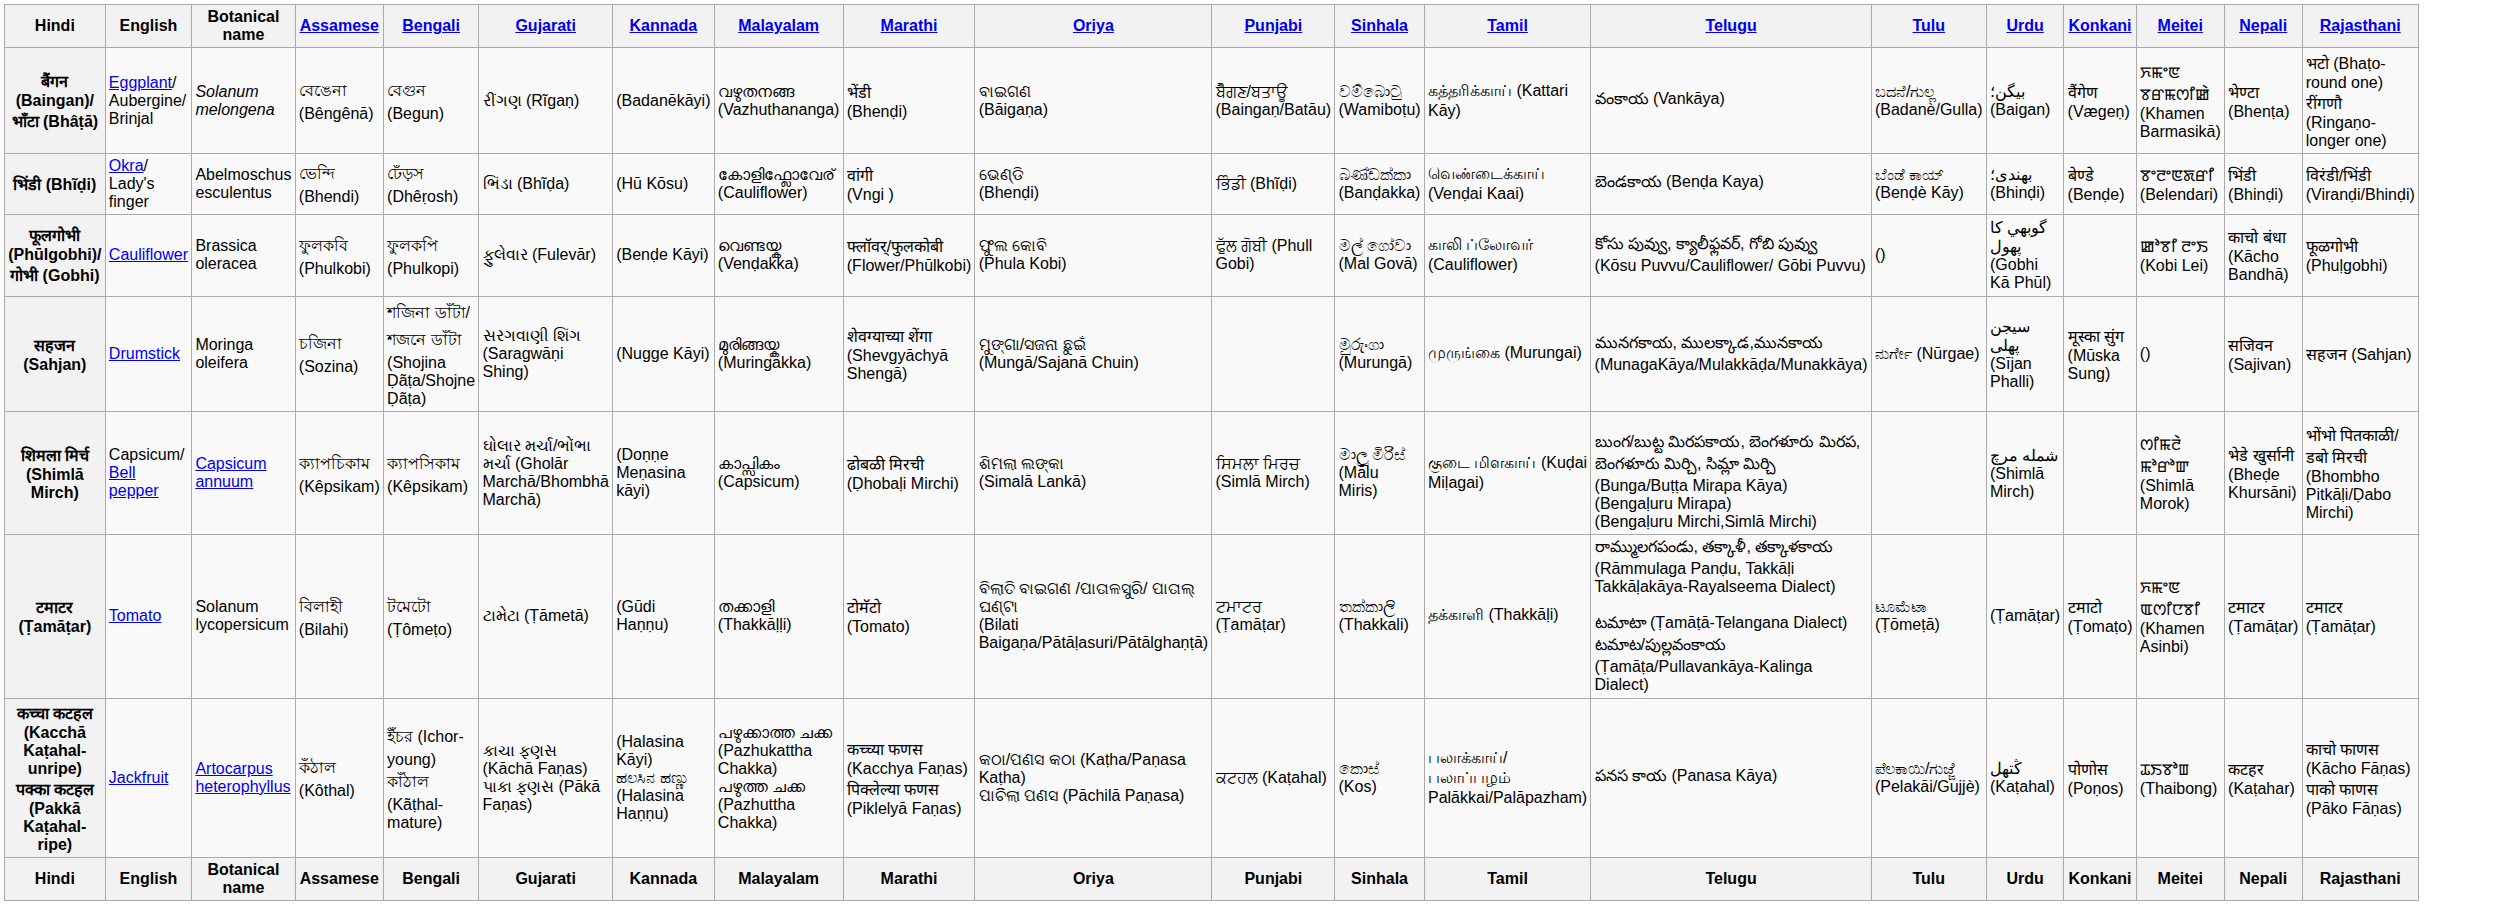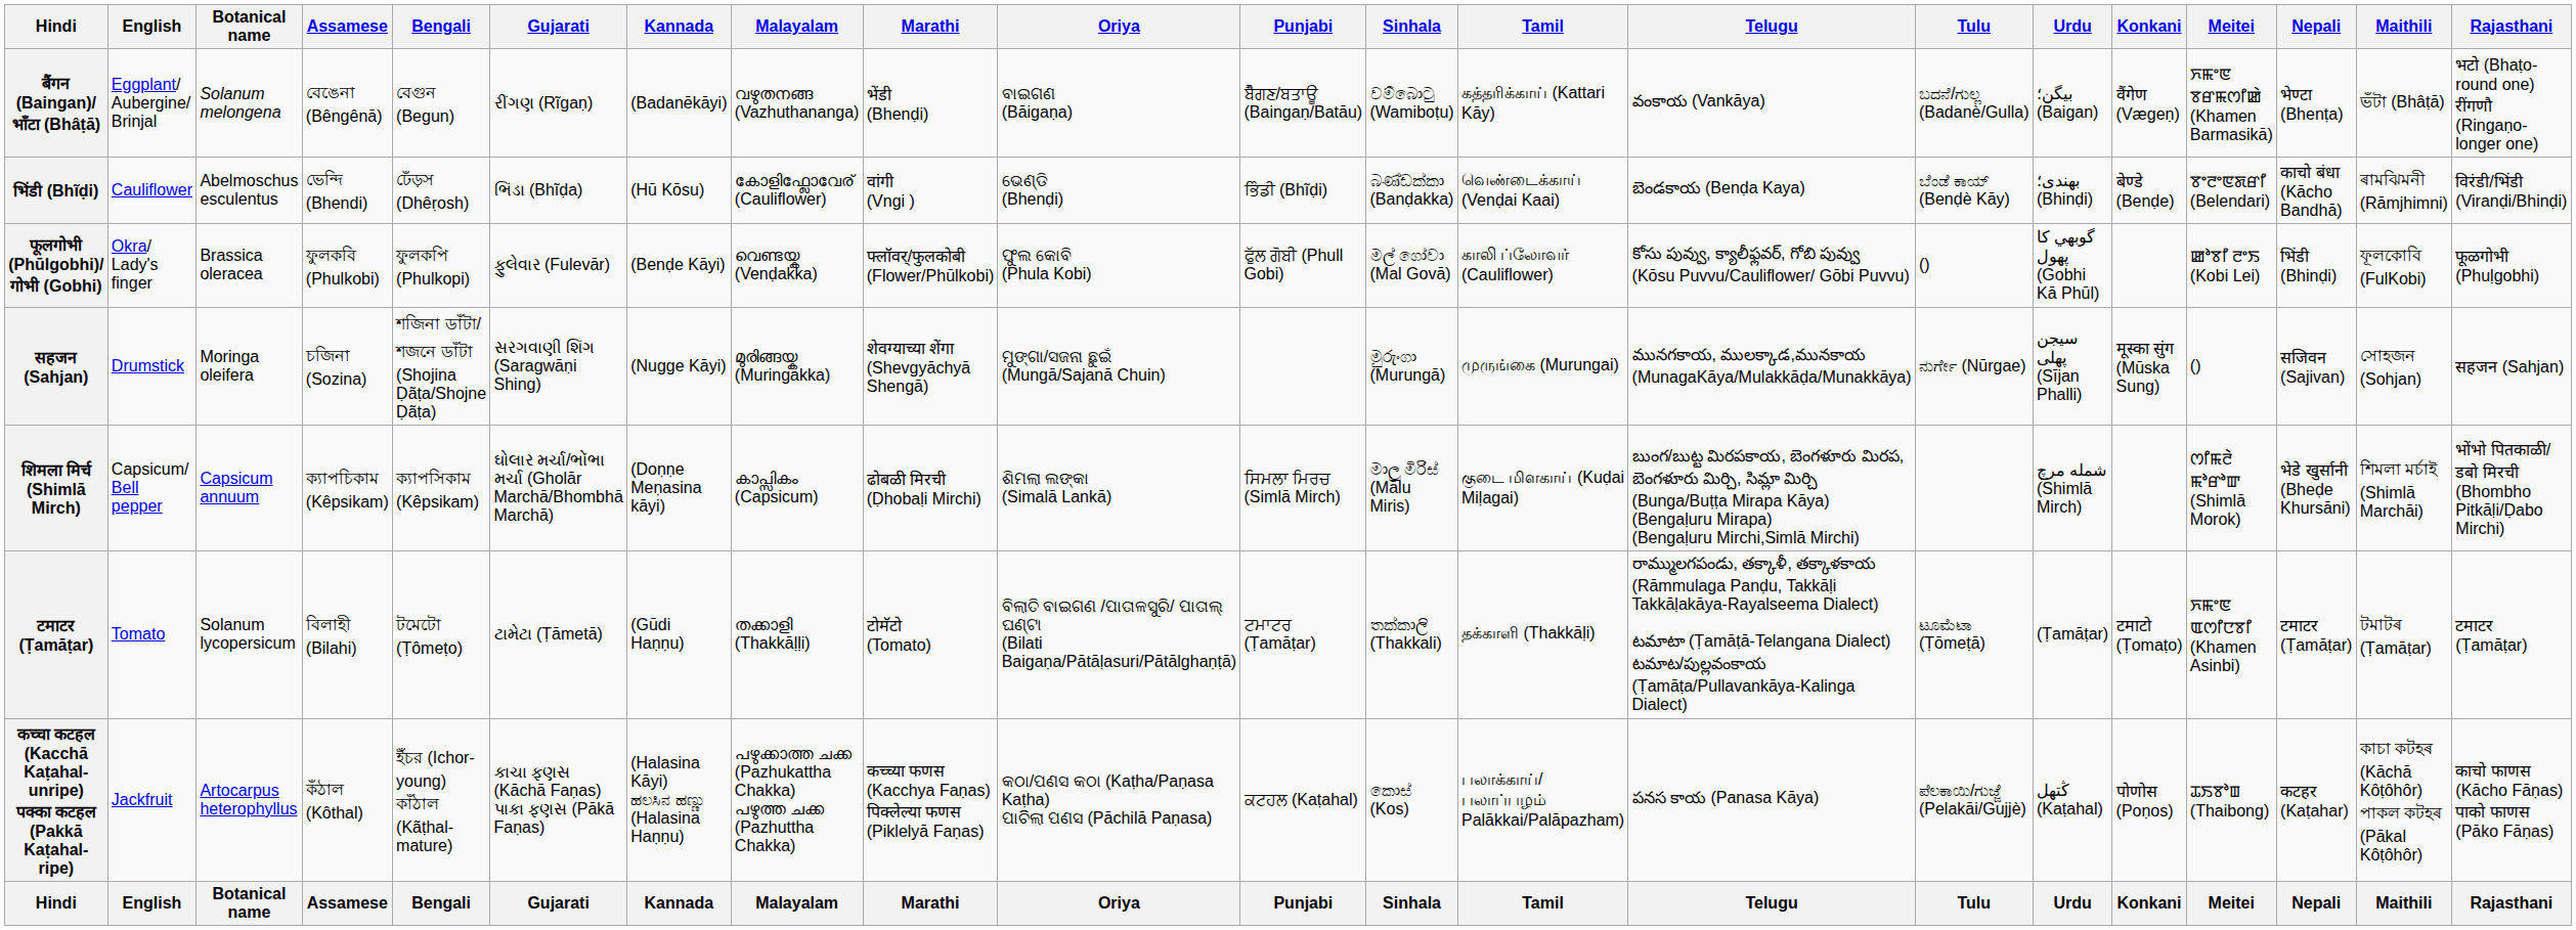 <table class="wikitable sortable">
 <tr>
 <th>Hindi</th>
 <th>English</th>
 <th>Botanical name</th>
 <th><a href='#'>Assamese</a></th>
 <th><a href='#'>Bengali</a></th>
 <th><a href='#'>Gujarati</a></th>
 <th><a href='#'>Kannada</a></th>
 <th><a href='#'>Malayalam</a></th>
 <th><a href='#'>Marathi</a></th>
 <th><a href='#'>Oriya</a></th>
 <th><a href='#'>Punjabi</a></th>
 <th><a href='#'>Sinhala</a></th>
 <th><a href='#'>Tamil</a></th>
 <th><a href='#'>Telugu</a></th>
 <th><a href='#'>Tulu</a></th>
 <th><a href='#'>Urdu</a></th>
 <th><a href='#'>Konkani</a></th>
 <th><a href='#'>Meitei</a></th>
 <th><a href='#'>Nepali</a></th>
+<th><a href='#'>Maithili</a></th>
 <th><a href='#'>Rajasthani</a></th>
 </tr>
 <tr>
 <th>बैंगन (Baingan)/<br>भाँटा (Bhâṭā)</th>
 <td><a href='#'>Eggplant</a>/ Aubergine/ Brinjal</td>
 <td><em>Solanum melongena</em></td>
 <td>বেঙেনা<br>(Bêngênā)</td>
 <td>বেগুন<br>(Begun)</td>
 <td>રીંગણ (Rĩgaṇ)</td>
 <td> (Badanēkāyi)</td>
 <td>വഴുതനങ്ങ (Vazhuthananga)</td>
 <td>भेंडी<br>(Bhenḍi)</td>
 <td>ବାଇଗଣ<br>(Bāigaṇa)</td>
 <td>ਬੈੰਗਣ/ਬਤਾਊ (Baingaṇ/Batāu)</td>
 <td>වම්බොටු (Wamiboṭu)</td>
 <td>கத்தரிக்காய் (Kattari Kāy)</td>
 <td>వంకాయ (Vankāya)</td>
 <td>ಬದನೆ/ಗುಲ್ಲ (Badanè/Gulla)</td>
 <td>بيگن؛ (Baigan)</td>
 <td>वैंगेण (Vægeṇ)</td>
 <td>ꯈꯃꯦꯟ ꯕꯔꯃꯁꯤꯀꯥ (Khamen Barmasikā)</td>
 <td>भेण्टा (Bhenṭa)</td>
+<td>ভঁটা (Bhâṭā)</td>
 <td>भटो (Bhaṭo-round one)<br>रींगणौ (Ringaṇo- longer one)</td>
 </tr>
 <tr>
 <th>भिंडी (Bhĩḍi)</th>
-<td><a href='#'>Okra</a>/ Lady's finger</td>
+<td><a href='#'>Cauliflower</a></td>
 <td>Abelmoschus esculentus</td>
 <td>ভেন্দি<br>(Bhendi)</td>
 <td>ঢেঁড়স<br>(Dhêṛosh)</td>
 <td>ભિંડા (Bhĩḍa)</td>
 <td> (Hū Kōsu)</td>
 <td>കോളിഫ്ലോവേര് (Cauliflower)</td>
 <td>वांगी<br>(Vngi )</td>
 <td>ଭେଣ୍ଡି<br>(Bhenḍi)</td>
 <td>ਭਿੰਡੀ (Bhĩḍi)</td>
 <td>බණ්ඩක්කා (Banḍakka)</td>
 <td>வெண்டைக்காய் (Venḍai Kaai)</td>
 <td>బెండకాయ (Benḍa Kaya)</td>
 <td>ಬೆಂಡೆ ಕಾಯ್ (Benḍè Kāy)</td>
 <td>بهندى؛ (Bhinḍi)</td>
 <td>बेण्डे (Benḍe)</td>
 <td>ꯕꯦꯂꯦꯟꯗꯔꯤ (Belendari)</td>
-<td>भिंडी (Bhinḍi)</td>
+<td>काचो बंधा (Kācho Bandhā)</td>
+<td>ৰামঝিমনী (Rāmjhimni)</td>
 <td>विरंडी/भिंडी (Viranḍi/Bhinḍi)</td>
 </tr>
 <tr>
 <th>फूलगोभी (Phūlgobhi)/<br>गोभी (Gobhi)</th>
-<td><a href='#'>Cauliflower</a></td>
+<td><a href='#'>Okra</a>/ Lady's finger</td>
 <td>Brassica oleracea</td>
 <td>ফুলকবি<br>(Phulkobi)</td>
 <td>ফুলকপি<br>(Phulkopi)</td>
 <td>ફુલેવાર (Fulevār)</td>
 <td> (Benḍe Kāyi)</td>
 <td>വെണ്ടയ്ക (Venḍakka)</td>
 <td>फ्लॉवर्/फुलकोबी<br>(Flower/Phūlkobi)</td>
 <td>ଫୁଲ କୋବି<br>(Phula Kobi)</td>
 <td>ਫੁੱਲ ਗੋਬੀ (Phull Gobi)</td>
 <td>මල් ගෝවා (Mal Govā)</td>
 <td>காலி ப்லோவர் (Cauliflower)</td>
 <td>కోసు పువ్వు, క్యాలీఫ్లవర్, గోబి పువ్వు<br>(Kōsu Puvvu/Cauliflower/ Gōbi Puvvu)</td>
 <td>()</td>
 <td>گوبهي كا پهول (Gobhi Kā Phūl)</td>
 <td></td>
 <td>ꯀꯣꯕꯤ ꯂꯦꯏ (Kobi Lei)</td>
-<td>काचो बंधा (Kācho Bandhā)</td>
+<td>भिंडी (Bhinḍi)</td>
+<td>ফূলকোবি (FulKobi)</td>
 <td>फूळगोभी (Phuḷgobhi)</td>
 </tr>
 <tr>
 <th>सहजन (Sahjan)</th>
 <td><a href='#'>Drumstick</a></td>
 <td>Moringa oleifera</td>
 <td>চজিনা<br>(Sozina)</td>
 <td>শজিনা ডাঁটা/ শজনে ডাঁটা<br>(Shojina Ḍãṭa/Shojne Ḍãṭa)</td>
 <td>સરગવાણી શિંગ (Saragwāṇi Shing)</td>
 <td> (Nugge Kāyi)</td>
 <td>മുരിങ്ങയ്ക (Muringakka)</td>
 <td>शेवग्याच्या शेंगा<br>(Shevgyāchyā Shengā)</td>
 <td>ମୁଙ୍ଗା/ସଜନା ଛୁଇଁ<br>(Mungā/Sajanā Chuin)</td>
 <td></td>
 <td>මුරුංගා (Murungā)</td>
 <td>முருங்கை (Murungai)</td>
 <td>మునగకాయ, ములక్కాడ,మునకాయ (MunagaKāya/Mulakkāḍa/Munakkāya)</td>
 <td>ನುರ್ಗೇ (Nūrgae)</td>
 <td>سيجن پهلى (Sījan Phalli)</td>
 <td>मूस्का सुंग (Mūska Sung)</td>
 <td>()</td>
 <td>सजिवन (Sajivan)</td>
+<td>সোহজন (Sohjan)</td>
 <td>सहजन (Sahjan)</td>
 </tr>
 <tr>
 <th>शिमला मिर्च (Shimlā Mirch)</th>
 <td>Capsicum/ <a href='#'>Bell pepper</a></td>
 <td><a href='#'>Capsicum annuum</a></td>
 <td>ক্যাপচিকাম<br>(Kêpsikam)</td>
 <td>ক্যাপসিকাম<br>(Kêpsikam)</td>
 <td>ઘોલાર મર્ચા/ભોંભા મર્ચા (Gholār Marchā/Bhombhā Marchā)</td>
 <td> (Doṇṇe Meṇasina kāyi)</td>
 <td>കാപ്സികം (Capsicum)</td>
 <td>ढोबळी मिरची<br>(Ḍhobaḷi Mirchi)</td>
 <td>ଶିମଲା ଲଙ୍କା<br>(Simalā Lankā)</td>
 <td>ਸਿਮਲਾ ਮਿਰਚ (Simlā Mirch)</td>
 <td>මාලු  මිරිස් (Mālu Miris)</td>
 <td>குடை மிளகாய் (Kuḍai Miḷagai)</td>
 <td><br>బుంగ/బుట్ట మిరపకాయ, బెంగళూరు మిరప, బెంగళూరు మిర్చి, సిమ్లా మిర్చి (Bunga/Buṭṭa Mirapa Kāya)<br>(Bengaḷuru Mirapa)<br>(Bengaḷuru Mirchi,Simlā Mirchi)</td>
 <td></td>
 <td>شمله مرچ  (Shimlā Mirch)</td>
 <td></td>
 <td>ꯁꯤꯃꯂꯥ ꯃꯣꯔꯣꯛ (Shimlā Morok)</td>
 <td>भेडे खुर्सानी (Bheḍe Khursāni)</td>
+<td>শিমলা মৰ্চাই (Shimlā Marchāi)</td>
 <td>भोंभो पितकाळी/डबो मिरची (Bhombho Pitkāḷi/Ḍabo Mirchi)</td>
 </tr>
 <tr>
 <th>टमाटर (Ṭamāṭar)</th>
 <td><a href='#'>Tomato</a></td>
 <td>Solanum lycopersicum</td>
 <td>বিলাহী<br>(Bilahi)</td>
 <td>টমেটো<br>(Ṭômeṭo)</td>
 <td>ટામેટા (Ṭāmetā)</td>
 <td> (Gūdi Haṇṇu)</td>
 <td>തക്കാളി (Thakkāḷḷi)</td>
 <td>टोमॅटो<br>(Tomato)</td>
 <td>ବିଲାତି ବାଇଗଣ /ପାତାଳସୁରି/ ପାତାଲ୍ ଘଣ୍ଟା<br>(Bilati Baigaṇa/Pātāḷasuri/Pātālghaṇṭā)</td>
 <td>ਟਮਾਟਰ (Ṭamāṭar)</td>
 <td>තක්කාලි (Thakkali)</td>
 <td>தக்காளி (Thakkāḷi)</td>
 <td>రామ్ములగపండు, తక్కాళీ, తక్కాళకాయ (Rāmmulaga Panḍu, Takkāḷi Takkāḷakāya-Rayalseema Dialect)<br><br>టమాటా (Ṭamāṭā-Telangana Dialect)<br>టమాట/పుల్లవంకాయ (Ṭamāṭa/Pullavankāya-Kalinga Dialect)</td>
 <td>ಟೂಮೆಟಾ (Ṭōmeṭā)</td>
 <td>(Ṭamāṭar)</td>
 <td>टमाटो (Ṭomaṭo)</td>
 <td>ꯈꯃꯦꯟ ꯑꯁꯤꯅꯕꯤ (Khamen Asinbi)</td>
 <td>टमाटर (Ṭamāṭar)</td>
+<td>টমাটৰ (Ṭamāṭar)</td>
 <td>टमाटर (Ṭamāṭar)</td>
 </tr>
 <tr>
 <th>कच्चा कटहल (Kacchā Kaṭahal-unripe)<br>पक्का कटहल (Pakkā Kaṭahal-ripe)</th>
 <td><a href='#'>Jackfruit</a></td>
 <td><a href='#'>Artocarpus heterophyllus</a></td>
 <td>কঁঠাল<br>(Kôthal)</td>
 <td>ইঁচর (Ichor-young)<br> কাঁঠাল (Kãṭhal-mature)</td>
 <td>કાચા ફણસ (Kāchā Faṇas)<br> પાકા ફણસ (Pākā Faṇas)</td>
 <td> (Halasina Kāyi)<br>ಹಲಸಿನ ಹಣ್ಣು (Halasina Haṇṇu)</td>
 <td>പഴുക്കാത്ത ചക്ക (Pazhukattha Chakka)<br>പഴുത്ത ചക്ക (Pazhuttha Chakka)</td>
 <td>कच्च्या फणस (Kacchya Faṇas)<br> पिक्लेल्या फणस (Piklelyā Faṇas)</td>
 <td>କଠା/ପଣସ କଠା (Kaṭha/Paṇasa Kaṭha)<br> ପାଚିିଲା ପଣସ (Pāchilā Paṇasa)</td>
 <td>ਕਟਹਲ (Kaṭahal)</td>
 <td>කොස් (Kos)</td>
 <td>பலாக்காய்/ பலாப்பழம் Palākkai/Palāpazham)</td>
 <td>పనస కాయ (Panasa Kāya)</td>
 <td>ಪೆಲಕಾಯಿ/ಗುಜ್ಜೆ (Pelakāi/Gujjè)</td>
 <td>ڭتهل (Kaṭahal)</td>
 <td>पोणोस (Poṇos)</td>
 <td>ꯊꯏꯕꯣꯡ (Thaibong)</td>
 <td>कटहर (Kaṭahar)</td>
+<td>কাচা কটহৰ (Kāchā Kôṭôhôr)<br>পাকল কটহৰ (Pākal Kôṭôhôr)</td>
 <td>काचो फाणस (Kācho Fāṇas)<br>पाको फाणस (Pāko Fāṇas)</td>
 </tr>
 <tr class="sortbottom">
 <th>Hindi</th>
 <th>English</th>
 <th>Botanical name</th>
 <th>Assamese</th>
 <th>Bengali</th>
 <th>Gujarati</th>
 <th>Kannada</th>
 <th>Malayalam</th>
 <th>Marathi</th>
 <th>Oriya</th>
 <th>Punjabi</th>
 <th>Sinhala</th>
 <th>Tamil</th>
 <th>Telugu</th>
 <th>Tulu</th>
 <th>Urdu</th>
 <th>Konkani</th>
 <th>Meitei</th>
 <th>Nepali</th>
+<th>Maithili</th>
 <th>Rajasthani</th>
 </tr>
 </table>
